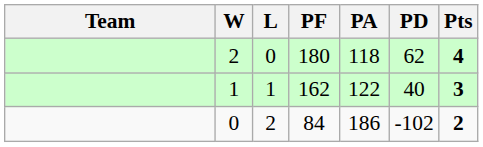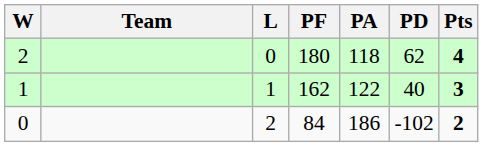 <table class="wikitable" style="text-align:center;">
 <tr>
+<th width=20>W</th>
 <th width=150>Team</th>
-<th width=20>W</th>
 <th width=20>L</th>
 <th width=30>PF</th>
 <th width=30>PA</th>
 <th width=30>PD</th>
 <th width=20>Pts</th>
 </tr>
 <tr bgcolor="#ccffcc">
+<td>2</td>
 <td align="left"></td>
-<td>2</td>
 <td>0</td>
 <td>180</td>
 <td>118</td>
 <td>62</td>
 <td><strong>4</strong></td>
 </tr>
 <tr bgcolor="#ccffcc">
+<td>1</td>
 <td align="left"></td>
-<td>1</td>
 <td>1</td>
 <td>162</td>
 <td>122</td>
 <td>40</td>
 <td><strong>3</strong></td>
 </tr>
 <tr>
+<td>0</td>
 <td align="left"></td>
-<td>0</td>
 <td>2</td>
 <td>84</td>
 <td>186</td>
 <td>-102</td>
 <td><strong>2</strong></td>
 </tr>
 </table>
